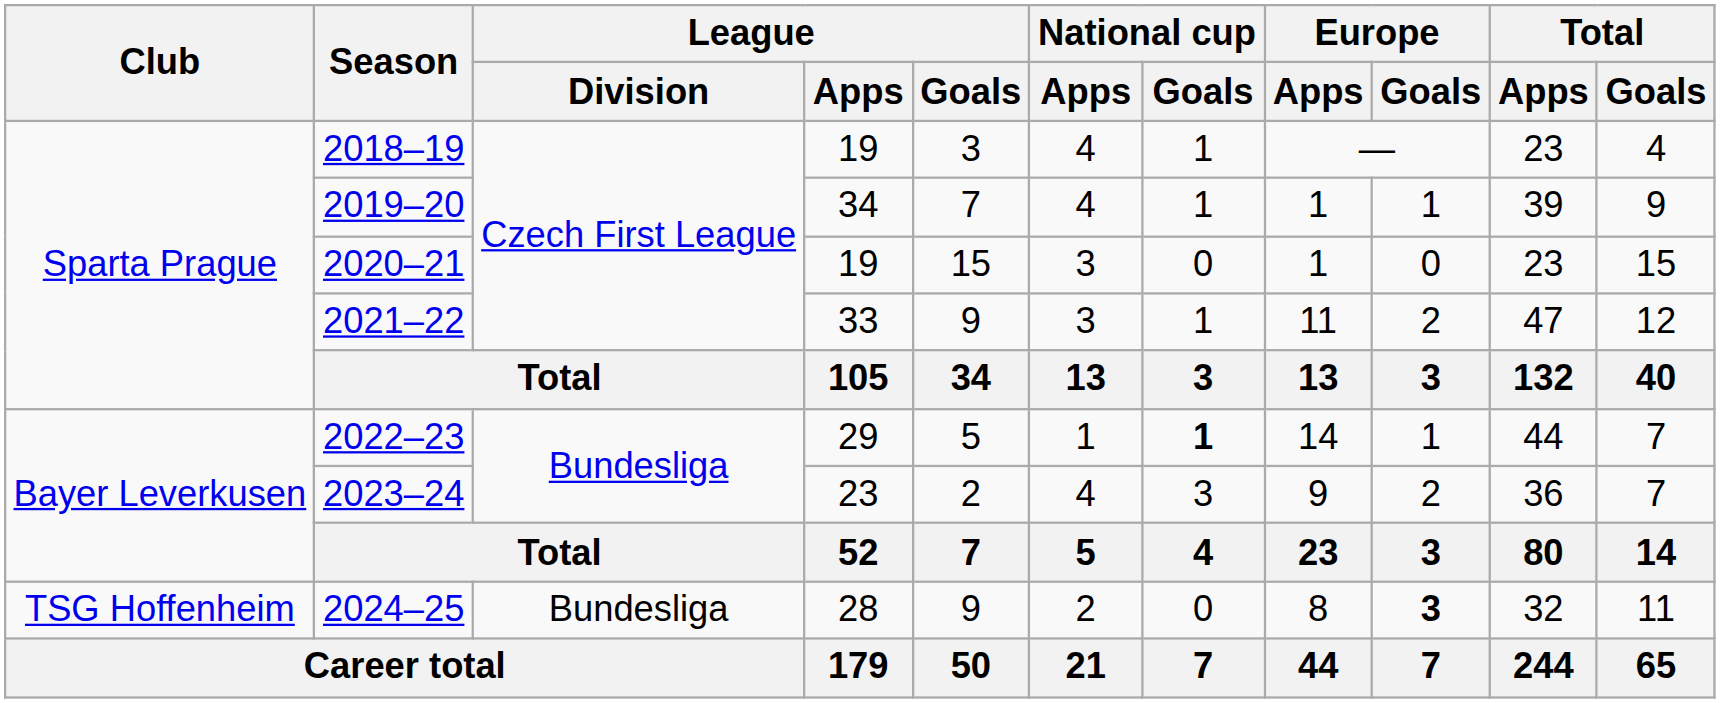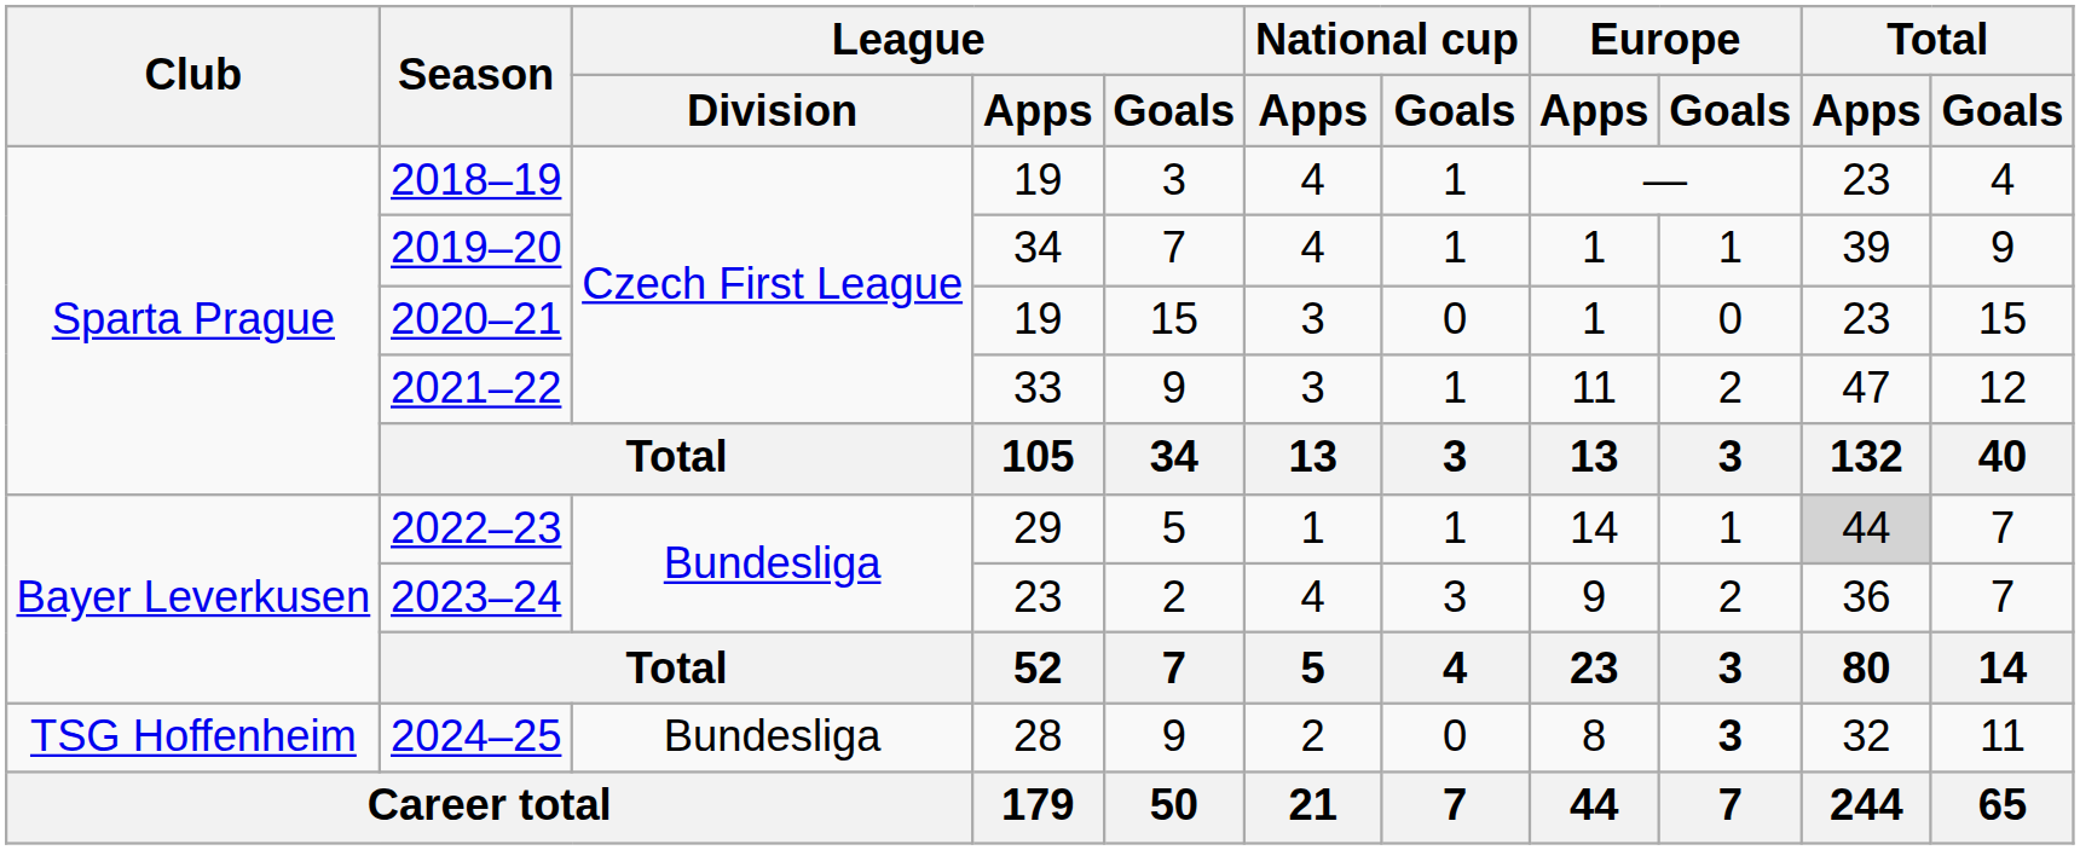 <table class="wikitable" style="text-align:center">
 <tr>
 <th rowspan="2">Club</th>
 <th rowspan="2">Season</th>
 <th colspan="3">League</th>
 <th colspan="2">National cup</th>
 <th colspan="2">Europe</th>
 <th colspan="2">Total</th>
 </tr>
 <tr>
 <th>Division</th>
 <th>Apps</th>
 <th>Goals</th>
 <th>Apps</th>
 <th>Goals</th>
 <th>Apps</th>
 <th>Goals</th>
 <th>Apps</th>
 <th>Goals</th>
 </tr>
 <tr>
 <td rowspan="5"><a href='#'>Sparta Prague</a></td>
 <td><a href='#'>2018–19</a></td>
 <td rowspan="4"><a href='#'>Czech First League</a></td>
 <td>19</td>
 <td>3</td>
 <td>4</td>
 <td>1</td>
 <td colspan="2">—</td>
 <td>23</td>
 <td>4</td>
 </tr>
 <tr>
 <td><a href='#'>2019–20</a></td>
 <td>34</td>
 <td>7</td>
 <td>4</td>
 <td>1</td>
 <td>1</td>
 <td>1</td>
 <td>39</td>
 <td>9</td>
 </tr>
 <tr>
 <td><a href='#'>2020–21</a></td>
 <td>19</td>
 <td>15</td>
 <td>3</td>
 <td>0</td>
 <td>1</td>
 <td>0</td>
 <td>23</td>
 <td>15</td>
 </tr>
 <tr>
 <td><a href='#'>2021–22</a></td>
 <td>33</td>
 <td>9</td>
 <td>3</td>
 <td>1</td>
 <td>11</td>
 <td>2</td>
 <td>47</td>
 <td>12</td>
 </tr>
 <tr>
 <th colspan="2">Total</th>
 <th>105</th>
 <th>34</th>
 <th>13</th>
 <th>3</th>
 <th>13</th>
 <th>3</th>
 <th>132</th>
 <th>40</th>
 </tr>
 <tr>
 <td rowspan="3”"><a href='#'>Bayer Leverkusen</a></td>
 <td><a href='#'>2022–23</a></td>
 <td rowspan="2"><a href='#'>Bundesliga</a></td>
 <td>29</td>
 <td>5</td>
 <td>1</td>
-<td><strong>1</strong></td>
+<td>1</td>
 <td>14</td>
 <td>1</td>
-<td>44</td>
+<td style="background: lightgrey;">44</td>
 <td>7</td>
 </tr>
 <tr>
 <td><a href='#'>2023–24</a></td>
 <td>23</td>
 <td>2</td>
 <td>4</td>
 <td>3</td>
 <td>9</td>
 <td>2</td>
 <td>36</td>
 <td>7</td>
 </tr>
 <tr>
 <th colspan="2">Total</th>
 <th>52</th>
 <th>7</th>
 <th>5</th>
 <th>4</th>
 <th>23</th>
 <th>3</th>
 <th>80</th>
 <th>14</th>
 </tr>
 <tr>
 <td><a href='#'>TSG Hoffenheim</a></td>
 <td><a href='#'>2024–25</a></td>
 <td>Bundesliga</td>
 <td>28</td>
 <td>9</td>
 <td>2</td>
 <td>0</td>
 <td>8</td>
 <td><strong>3</strong></td>
 <td>32</td>
 <td>11</td>
 </tr>
 <tr>
 <th colspan="3">Career total</th>
 <th>179</th>
 <th>50</th>
 <th>21</th>
 <th>7</th>
 <th>44</th>
 <th>7</th>
 <th>244</th>
 <th>65</th>
 </tr>
 </table>
